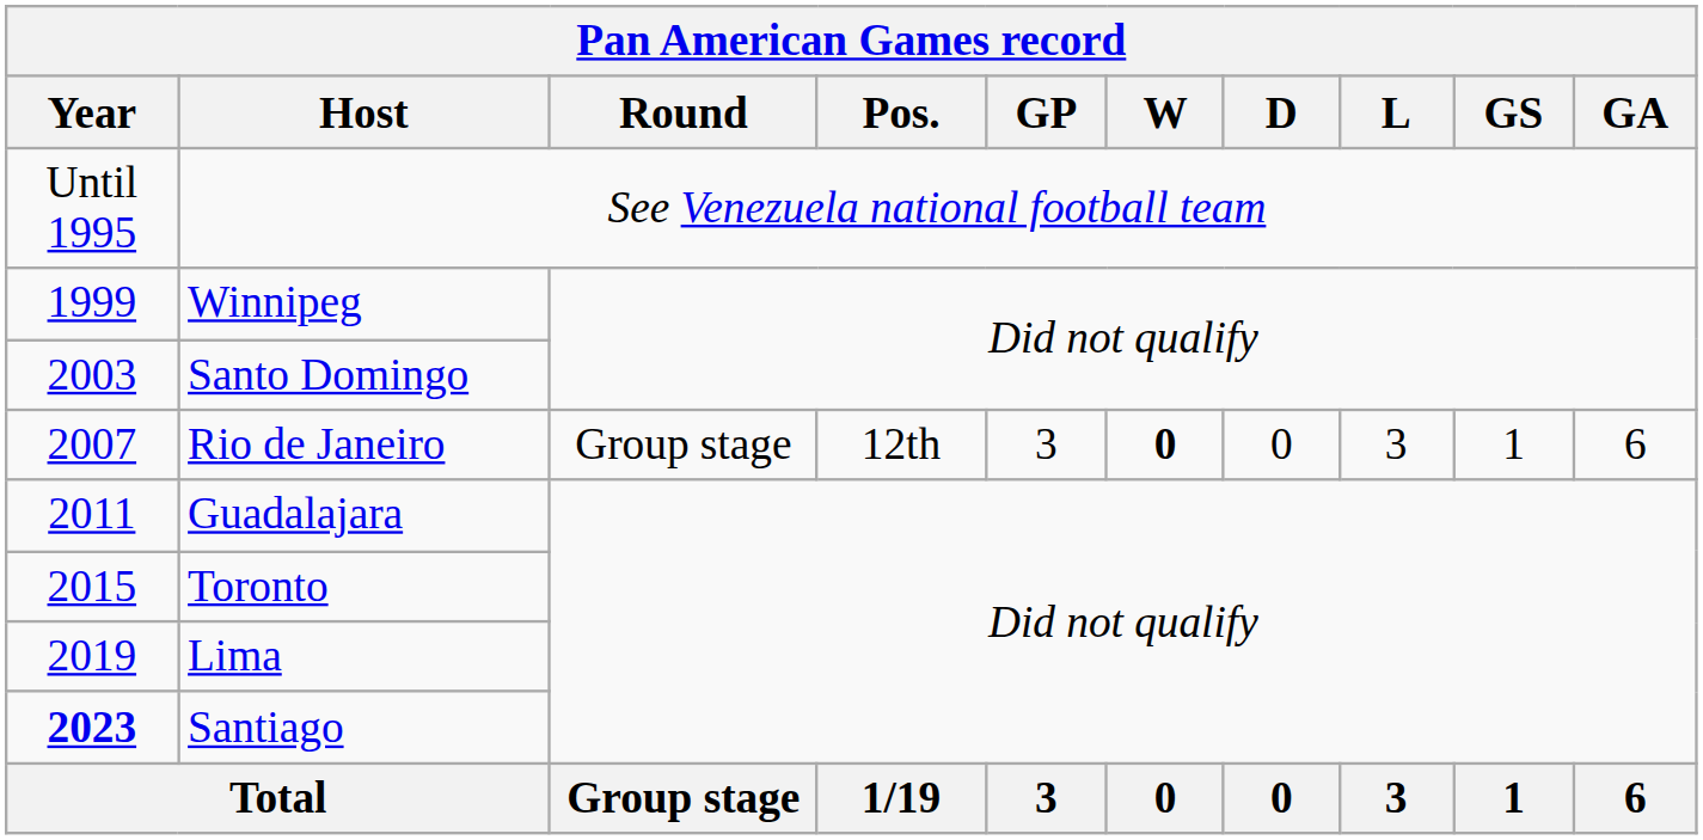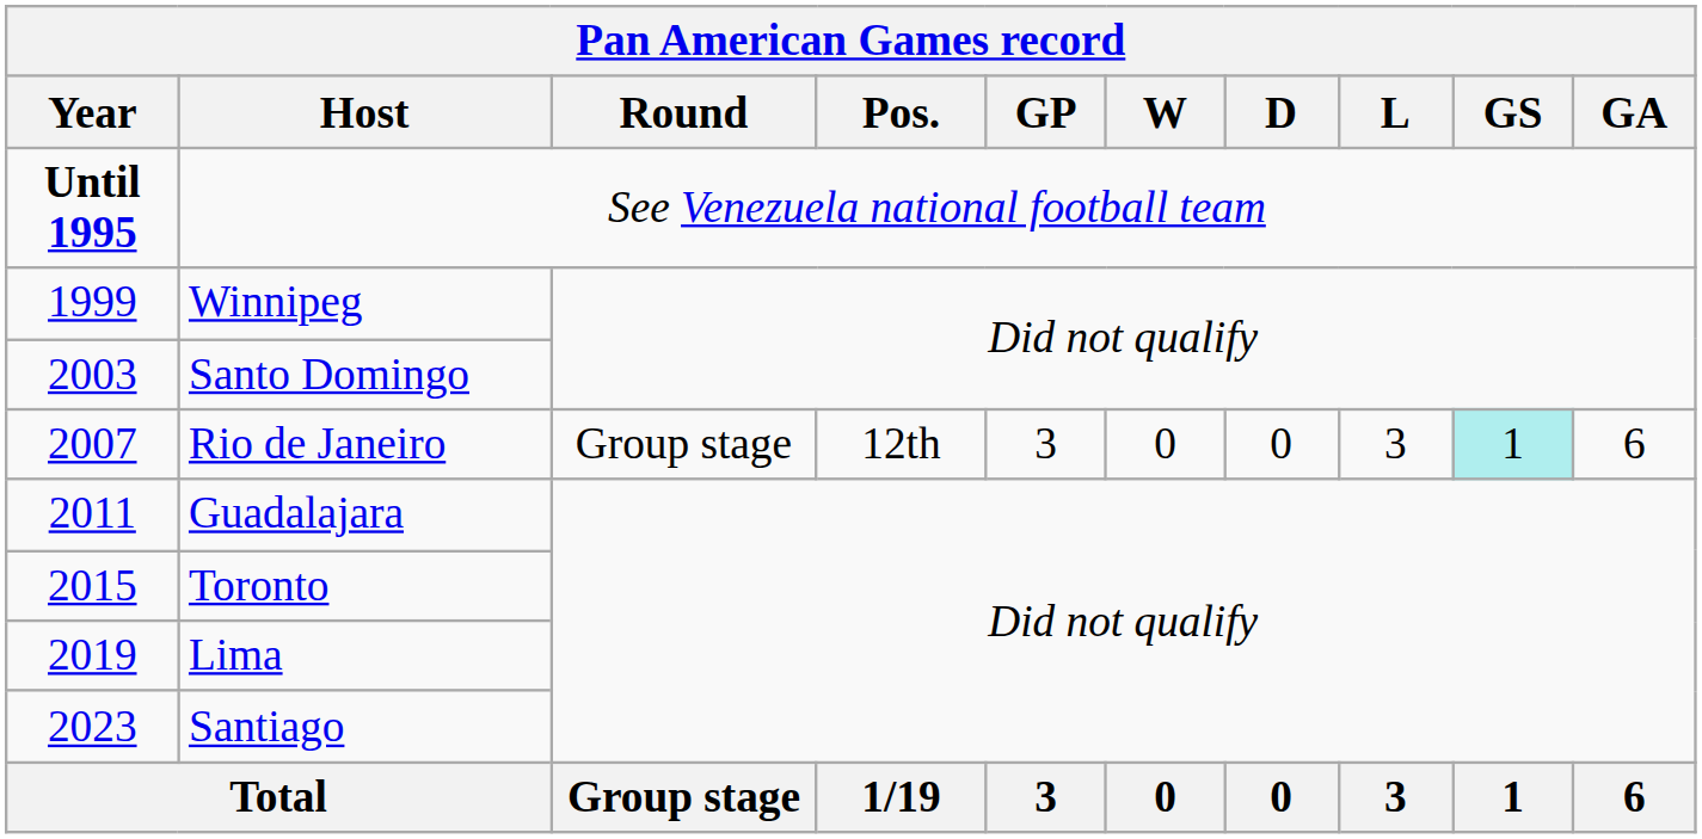 <table class="wikitable" style="text-align: center">
 <tr>
 <th colspan=10><a href='#'>Pan American Games record</a></th>
 </tr>
 <tr>
 <th width=60px>Year</th>
 <th width=140px>Host</th>
 <th width=100px>Round</th>
 <th width=60px>Pos.</th>
 <th width=40px>GP</th>
 <th width=40px>W</th>
 <th width=40px>D</th>
 <th width=40px>L</th>
 <th width=40px>GS</th>
 <th width=40px>GA</th>
 </tr>
 <tr>
-<td>Until <a href='#'>1995</a></td>
+<td><strong>Until <a href='#'>1995</a></strong></td>
 <td colspan=9><em>See <a href='#'>Venezuela national football team</a></em></td>
 </tr>
 <tr>
 <td><a href='#'>1999</a></td>
 <td align=left> <a href='#'>Winnipeg</a></td>
 <td colspan=8 rowspan=2><em>Did not qualify</em></td>
 </tr>
 <tr>
 <td><a href='#'>2003</a></td>
 <td align=left> <a href='#'>Santo Domingo</a></td>
 </tr>
 <tr>
 <td><a href='#'>2007</a></td>
 <td align=left> <a href='#'>Rio de Janeiro</a></td>
 <td>Group stage</td>
 <td>12th</td>
 <td>3</td>
-<td><strong>0</strong></td>
+<td>0</td>
 <td>0</td>
 <td>3</td>
-<td>1</td>
+<td style="background: paleturquoise;">1</td>
 <td>6</td>
 </tr>
 <tr>
 <td><a href='#'>2011</a></td>
 <td align=left> <a href='#'>Guadalajara</a></td>
 <td colspan=8 rowspan=4><em>Did not qualify</em></td>
 </tr>
 <tr>
 <td><a href='#'>2015</a></td>
 <td align=left> <a href='#'>Toronto</a></td>
 </tr>
 <tr>
 <td><a href='#'>2019</a></td>
 <td align=left> <a href='#'>Lima</a></td>
 </tr>
 <tr>
-<td><strong><a href='#'>2023</a></strong></td>
+<td><a href='#'>2023</a></td>
 <td align=left> <a href='#'>Santiago</a></td>
 </tr>
 <tr>
 <th colspan=2>Total</th>
 <th>Group stage</th>
 <th>1/19</th>
 <th>3</th>
 <th>0</th>
 <th>0</th>
 <th>3</th>
 <th>1</th>
 <th>6</th>
 </tr>
 </table>
